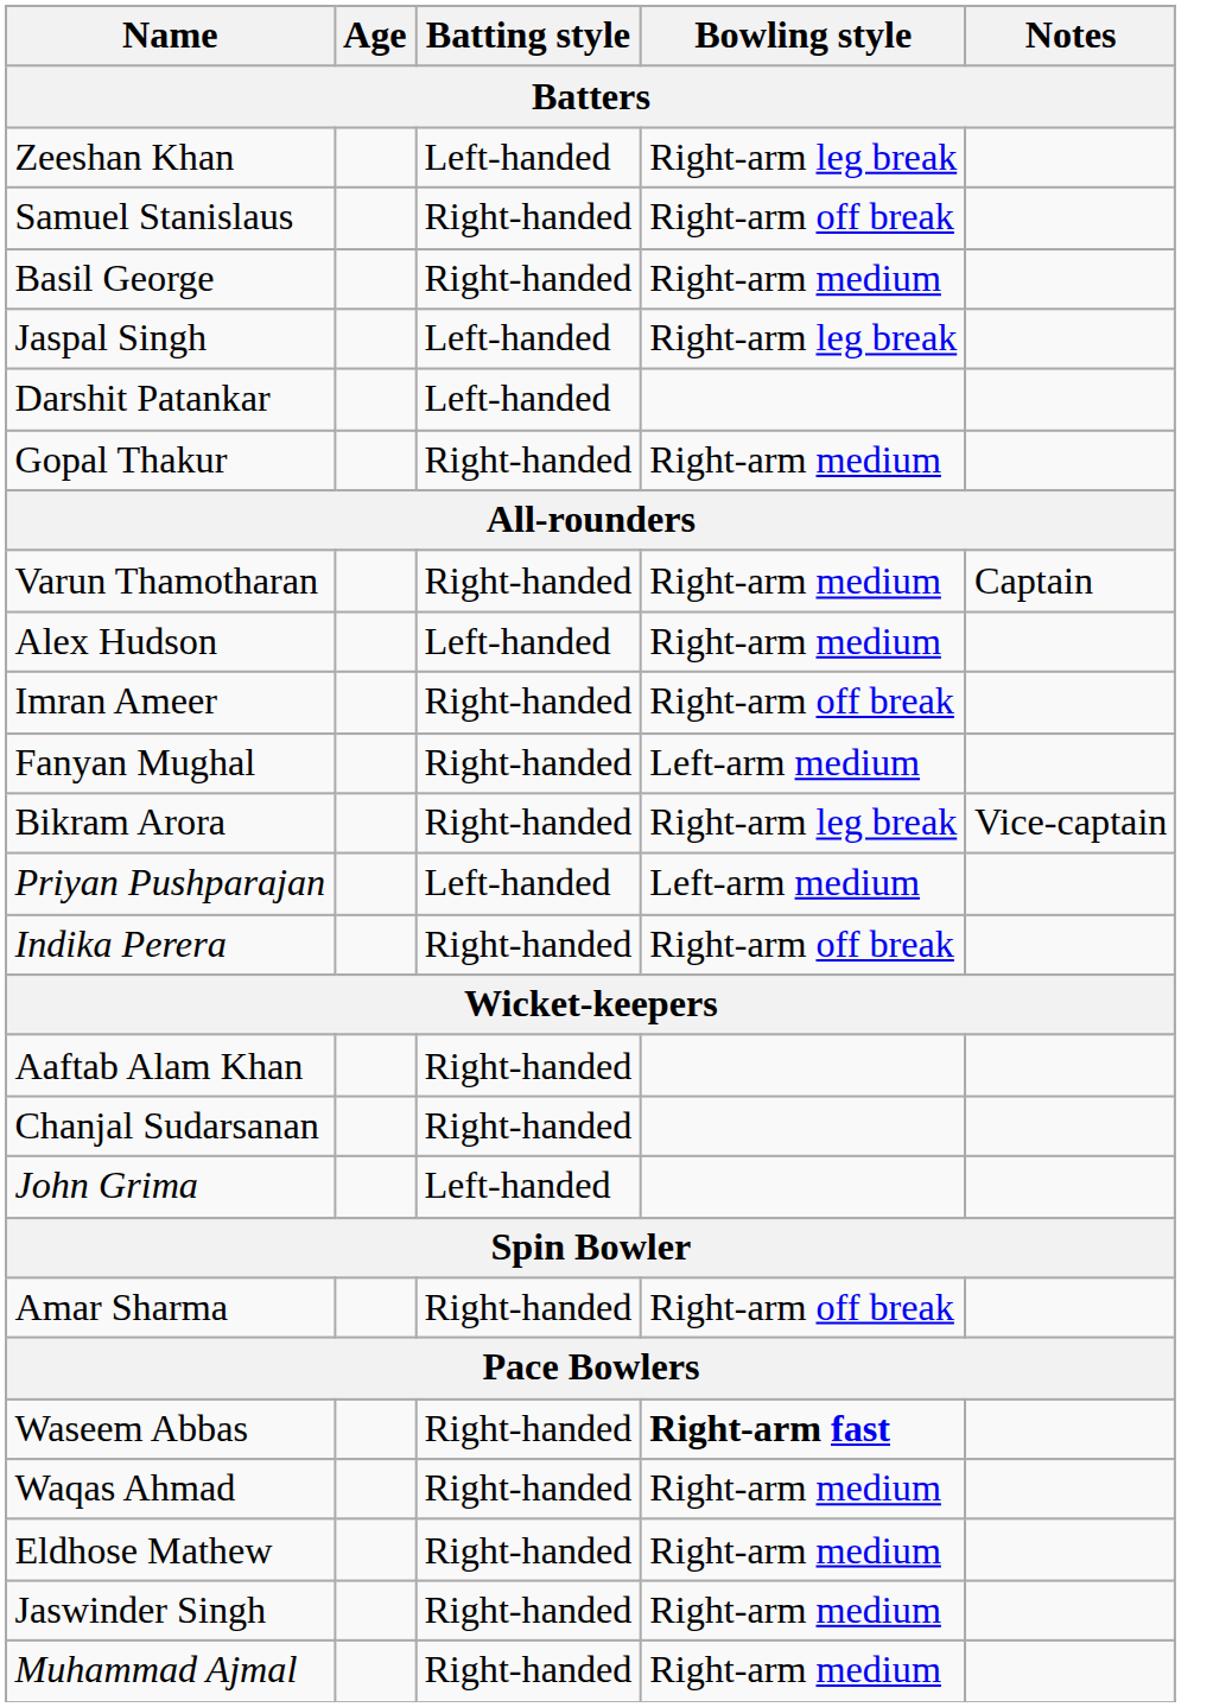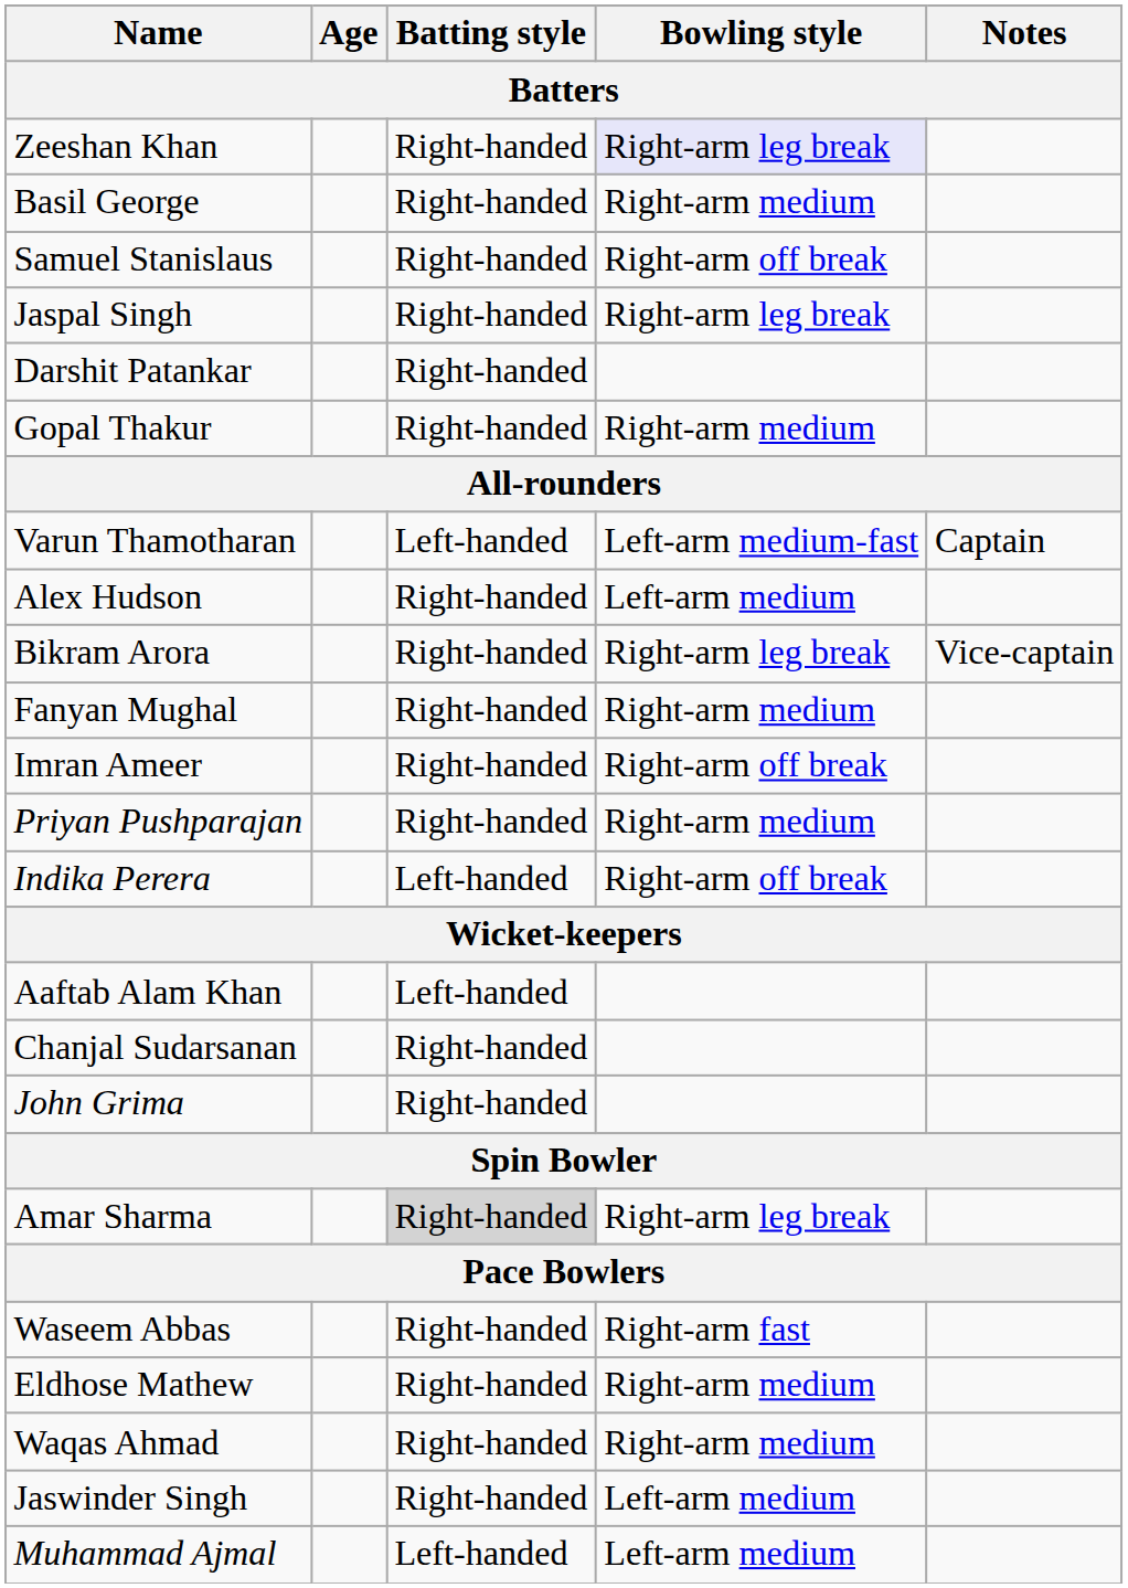 <table class="wikitable">
 <tr>
 <th style="text-align:center;">Name</th>
 <th style="text-align:center;">Age</th>
 <th style="text-align:center;">Batting style</th>
 <th style="text-align:center;">Bowling style</th>
 <th style="text-align:center;">Notes</th>
 </tr>
 <tr>
 <th colspan="5">Batters</th>
 </tr>
 <tr>
 <td>Zeeshan Khan</td>
 <td></td>
-<td>Left-handed</td>
-<td>Right-arm <a href='#'>leg break</a></td>
+<td>Right-handed</td>
+<td style="background: lavender;">Right-arm <a href='#'>leg break</a></td>
+<td></td>
+</tr>
+<tr>
+<td>Basil George</td>
+<td></td>
+<td>Right-handed</td>
+<td>Right-arm <a href='#'>medium</a></td>
 <td></td>
 </tr>
 <tr>
 <td>Samuel Stanislaus</td>
 <td></td>
 <td>Right-handed</td>
 <td>Right-arm <a href='#'>off break</a></td>
 <td></td>
 </tr>
 <tr>
-<td>Basil George</td>
+<td>Jaspal Singh</td>
 <td></td>
 <td>Right-handed</td>
-<td>Right-arm <a href='#'>medium</a></td>
-<td></td>
-</tr>
-<tr>
-<td>Jaspal Singh</td>
-<td></td>
-<td>Left-handed</td>
 <td>Right-arm <a href='#'>leg break</a></td>
 <td></td>
 </tr>
 <tr>
 <td>Darshit Patankar</td>
 <td></td>
-<td>Left-handed</td>
+<td>Right-handed</td>
 <td></td>
 <td></td>
 </tr>
 <tr>
 <td>Gopal Thakur</td>
 <td></td>
 <td>Right-handed</td>
 <td>Right-arm <a href='#'>medium</a></td>
 <td></td>
 </tr>
 <tr>
 <th colspan="5">All-rounders</th>
 </tr>
 <tr>
 <td>Varun Thamotharan</td>
 <td></td>
-<td>Right-handed</td>
-<td>Right-arm <a href='#'>medium</a></td>
+<td>Left-handed</td>
+<td>Left-arm <a href='#'>medium-fast</a></td>
 <td>Captain</td>
 </tr>
 <tr>
 <td>Alex Hudson</td>
-<td></td>
-<td>Left-handed</td>
-<td>Right-arm <a href='#'>medium</a></td>
-<td></td>
-</tr>
-<tr>
-<td>Imran Ameer</td>
-<td></td>
-<td>Right-handed</td>
-<td>Right-arm <a href='#'>off break</a></td>
-<td></td>
-</tr>
-<tr>
-<td>Fanyan Mughal</td>
 <td></td>
 <td>Right-handed</td>
 <td>Left-arm <a href='#'>medium</a></td>
 <td></td>
 </tr>
 <tr>
 <td>Bikram Arora</td>
 <td></td>
 <td>Right-handed</td>
 <td>Right-arm <a href='#'>leg break</a></td>
 <td>Vice-captain</td>
 </tr>
 <tr>
+<td>Fanyan Mughal</td>
+<td></td>
+<td>Right-handed</td>
+<td>Right-arm <a href='#'>medium</a></td>
+<td></td>
+</tr>
+<tr>
+<td>Imran Ameer</td>
+<td></td>
+<td>Right-handed</td>
+<td>Right-arm <a href='#'>off break</a></td>
+<td></td>
+</tr>
+<tr>
 <td><em>Priyan Pushparajan</em></td>
 <td></td>
-<td>Left-handed</td>
-<td>Left-arm <a href='#'>medium</a></td>
+<td>Right-handed</td>
+<td>Right-arm <a href='#'>medium</a></td>
 <td></td>
 </tr>
 <tr>
 <td><em>Indika Perera</em></td>
 <td></td>
-<td>Right-handed</td>
+<td>Left-handed</td>
 <td>Right-arm <a href='#'>off break</a></td>
 <td></td>
 </tr>
 <tr>
 <th colspan="5">Wicket-keepers</th>
 </tr>
 <tr>
 <td>Aaftab Alam Khan</td>
 <td></td>
-<td>Right-handed</td>
+<td>Left-handed</td>
 <td></td>
 <td></td>
 </tr>
 <tr>
 <td>Chanjal Sudarsanan</td>
 <td></td>
 <td>Right-handed</td>
 <td></td>
 <td></td>
 </tr>
 <tr>
 <td><em>John Grima</em></td>
 <td></td>
-<td>Left-handed</td>
+<td>Right-handed</td>
 <td></td>
 <td></td>
 </tr>
 <tr>
 <th colspan="5">Spin Bowler</th>
 </tr>
 <tr>
 <td>Amar Sharma</td>
 <td></td>
-<td>Right-handed</td>
-<td>Right-arm <a href='#'>off break</a></td>
+<td style="background: lightgrey;">Right-handed</td>
+<td>Right-arm <a href='#'>leg break</a></td>
 <td></td>
 </tr>
 <tr>
 <th colspan="5">Pace Bowlers</th>
 </tr>
 <tr>
 <td>Waseem Abbas</td>
 <td></td>
 <td>Right-handed</td>
-<td><strong>Right-arm <a href='#'>fast</a></strong></td>
+<td>Right-arm <a href='#'>fast</a></td>
+<td></td>
+</tr>
+<tr>
+<td>Eldhose Mathew</td>
+<td></td>
+<td>Right-handed</td>
+<td>Right-arm <a href='#'>medium</a></td>
 <td></td>
 </tr>
 <tr>
 <td>Waqas Ahmad</td>
 <td></td>
 <td>Right-handed</td>
 <td>Right-arm <a href='#'>medium</a></td>
 <td></td>
 </tr>
 <tr>
-<td>Eldhose Mathew</td>
-<td></td>
-<td>Right-handed</td>
-<td>Right-arm <a href='#'>medium</a></td>
-<td></td>
-</tr>
-<tr>
 <td>Jaswinder Singh</td>
 <td></td>
 <td>Right-handed</td>
-<td>Right-arm <a href='#'>medium</a></td>
+<td>Left-arm <a href='#'>medium</a></td>
 <td></td>
 </tr>
 <tr>
 <td><em>Muhammad Ajmal</em></td>
 <td></td>
-<td>Right-handed</td>
-<td>Right-arm <a href='#'>medium</a></td>
+<td>Left-handed</td>
+<td>Left-arm <a href='#'>medium</a></td>
 <td></td>
 </tr>
 </table>
